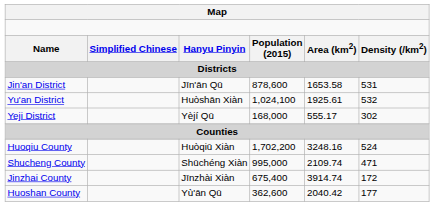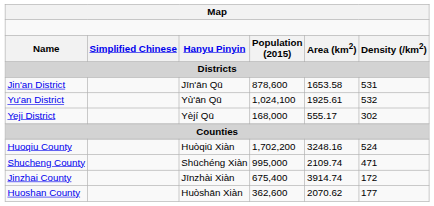 <table class="wikitable" style="font-size:100%; margin:auto;">
 <tr>
 <th colspan=6>Map</th>
 </tr>
 <tr>
 <td colspan=6><div><br>          </div></td>
 </tr>
 <tr>
 <th>Name</th>
 <th><a href='#'>Simplified Chinese</a></th>
 <th><a href='#'>Hanyu Pinyin</a></th>
 <th>Population<br>(2015)</th>
 <th>Area (km<sup>2</sup>)</th>
 <th>Density (/km<sup>2</sup>)</th>
 </tr>
 <tr --------->
 <td colspan="7" align="center" bgcolor="#D3D3D3"><strong>Districts</strong></td>
 </tr>
 <tr --------->
 <td><a href='#'>Jin'an District</a></td>
 <td></td>
 <td>Jīn'ān Qū</td>
 <td>878,600</td>
 <td>1653.58</td>
 <td>531</td>
 </tr>
 <tr --------->
 <td><a href='#'>Yu'an District</a></td>
 <td></td>
-<td>Huòshān Xiàn</td>
+<td>Yù'ān Qū</td>
 <td>1,024,100</td>
 <td>1925.61</td>
 <td>532</td>
 </tr>
 <tr --------->
 <td><a href='#'>Yeji District</a></td>
 <td></td>
 <td>Yèjí Qū</td>
 <td>168,000</td>
 <td>555.17</td>
 <td>302</td>
 </tr>
 <tr --------->
 <td colspan="7" align="center" bgcolor="#D3D3D3"><strong>Counties</strong></td>
 </tr>
 <tr --------->
 <td><a href='#'>Huoqiu County</a></td>
 <td></td>
 <td>Huòqiū Xiàn</td>
 <td>1,702,200</td>
 <td>3248.16</td>
 <td>524</td>
 </tr>
 <tr --------->
 <td><a href='#'>Shucheng County</a></td>
 <td></td>
 <td>Shūchéng Xiàn</td>
 <td>995,000</td>
 <td>2109.74</td>
 <td>471</td>
 </tr>
 <tr --------->
 <td><a href='#'>Jinzhai County</a></td>
 <td></td>
 <td>Jīnzhài Xiàn</td>
 <td>675,400</td>
 <td>3914.74</td>
 <td>172</td>
 </tr>
 <tr --------->
 <td><a href='#'>Huoshan County</a></td>
 <td></td>
-<td>Yù'ān Qū</td>
+<td>Huòshān Xiàn</td>
 <td>362,600</td>
-<td>2040.42</td>
+<td>2070.62</td>
 <td>177</td>
 </tr>
 </table>
